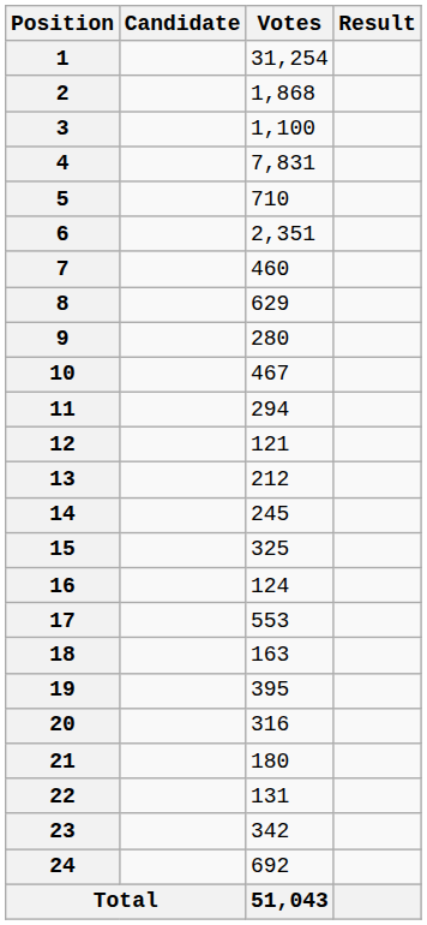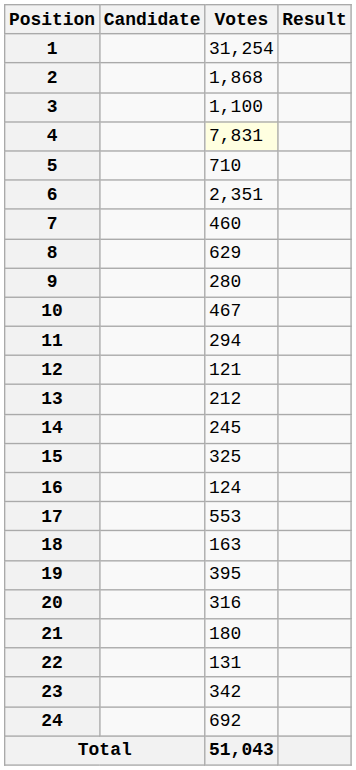 <table class="wikitable sortable col3right">
 <tr>
 <th scope="col">Position</th>
 <th scope="col">Candidate</th>
 <th scope="col">Votes</th>
 <th scope="col">Result</th>
 </tr>
 <tr>
 <th scope="row">1</th>
 <td></td>
 <td>31,254</td>
 <td></td>
 </tr>
 <tr>
 <th scope="row">2</th>
 <td></td>
 <td>1,868</td>
 <td></td>
 </tr>
 <tr>
 <th scope="row">3</th>
 <td></td>
 <td>1,100</td>
 <td></td>
 </tr>
 <tr>
 <th scope="row">4</th>
 <td></td>
-<td>7,831</td>
+<td style="background: lightyellow;">7,831</td>
 <td></td>
 </tr>
 <tr>
 <th scope="row">5</th>
 <td></td>
 <td>710</td>
 <td></td>
 </tr>
 <tr>
 <th scope="row">6</th>
 <td></td>
 <td>2,351</td>
 <td></td>
 </tr>
 <tr>
 <th scope="row">7</th>
 <td></td>
 <td>460</td>
 <td></td>
 </tr>
 <tr>
 <th scope="row">8</th>
 <td></td>
 <td>629</td>
 <td></td>
 </tr>
 <tr>
 <th scope="row">9</th>
 <td></td>
 <td>280</td>
 <td></td>
 </tr>
 <tr>
 <th scope="row">10</th>
 <td></td>
 <td>467</td>
 <td></td>
 </tr>
 <tr>
 <th scope="row">11</th>
 <td></td>
 <td>294</td>
 <td></td>
 </tr>
 <tr>
 <th scope="row">12</th>
 <td></td>
 <td>121</td>
 <td></td>
 </tr>
 <tr>
 <th scope="row">13</th>
 <td></td>
 <td>212</td>
 <td></td>
 </tr>
 <tr>
 <th scope="row">14</th>
 <td></td>
 <td>245</td>
 <td></td>
 </tr>
 <tr>
 <th scope="row">15</th>
 <td></td>
 <td>325</td>
 <td></td>
 </tr>
 <tr>
 <th scope="row">16</th>
 <td></td>
 <td>124</td>
 <td></td>
 </tr>
 <tr>
 <th scope="row">17</th>
 <td></td>
 <td>553</td>
 <td></td>
 </tr>
 <tr>
 <th scope="row">18</th>
 <td></td>
 <td>163</td>
 <td></td>
 </tr>
 <tr>
 <th scope="row">19</th>
 <td></td>
 <td>395</td>
 <td></td>
 </tr>
 <tr>
 <th scope="row">20</th>
 <td></td>
 <td>316</td>
 <td></td>
 </tr>
 <tr>
 <th scope="row">21</th>
 <td></td>
 <td>180</td>
 <td></td>
 </tr>
 <tr>
 <th scope="row">22</th>
 <td></td>
 <td>131</td>
 <td></td>
 </tr>
 <tr>
 <th scope="row">23</th>
 <td></td>
 <td>342</td>
 <td></td>
 </tr>
 <tr>
 <th scope="row">24</th>
 <td></td>
 <td>692</td>
 <td></td>
 </tr>
 <tr class=sortbottom>
 <th scope="row" colspan="2">Total</th>
 <th style="text-align:right">51,043</th>
 <th></th>
 </tr>
 </table>
